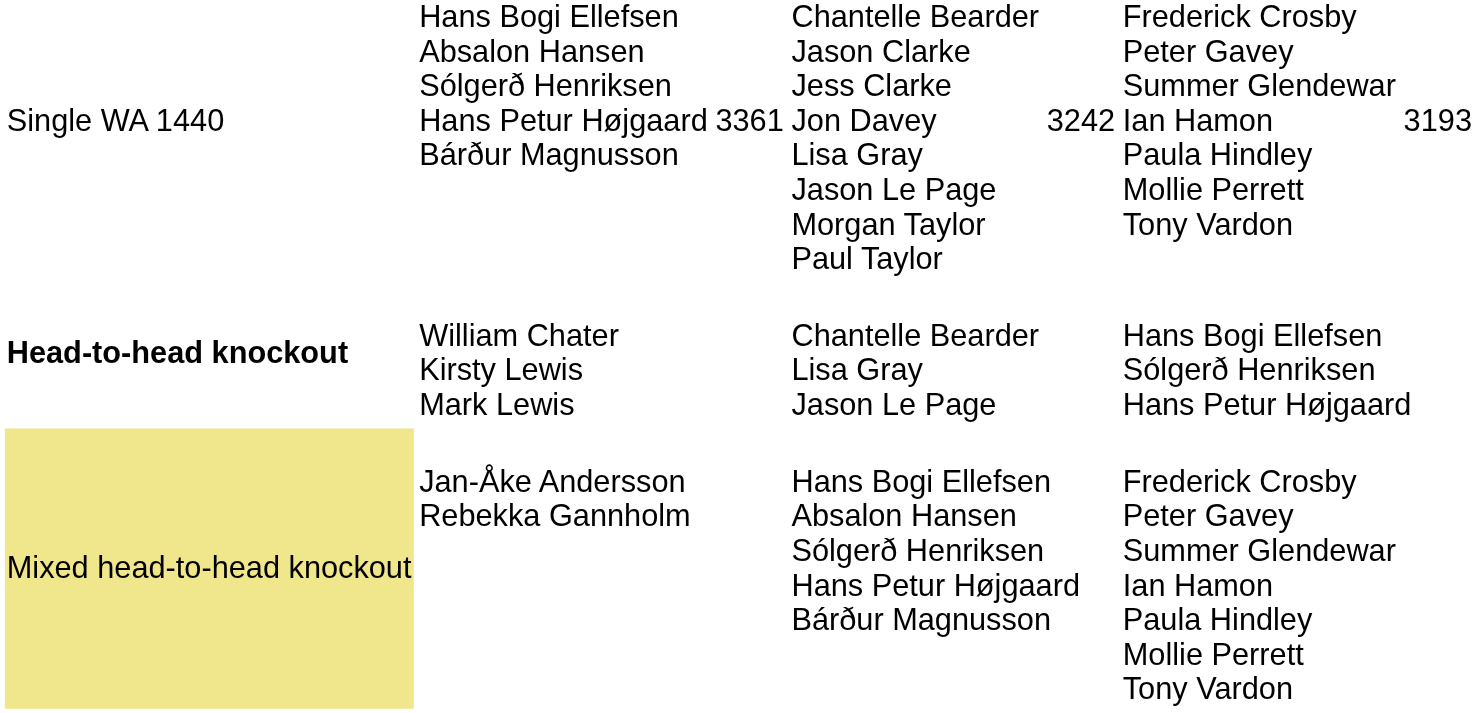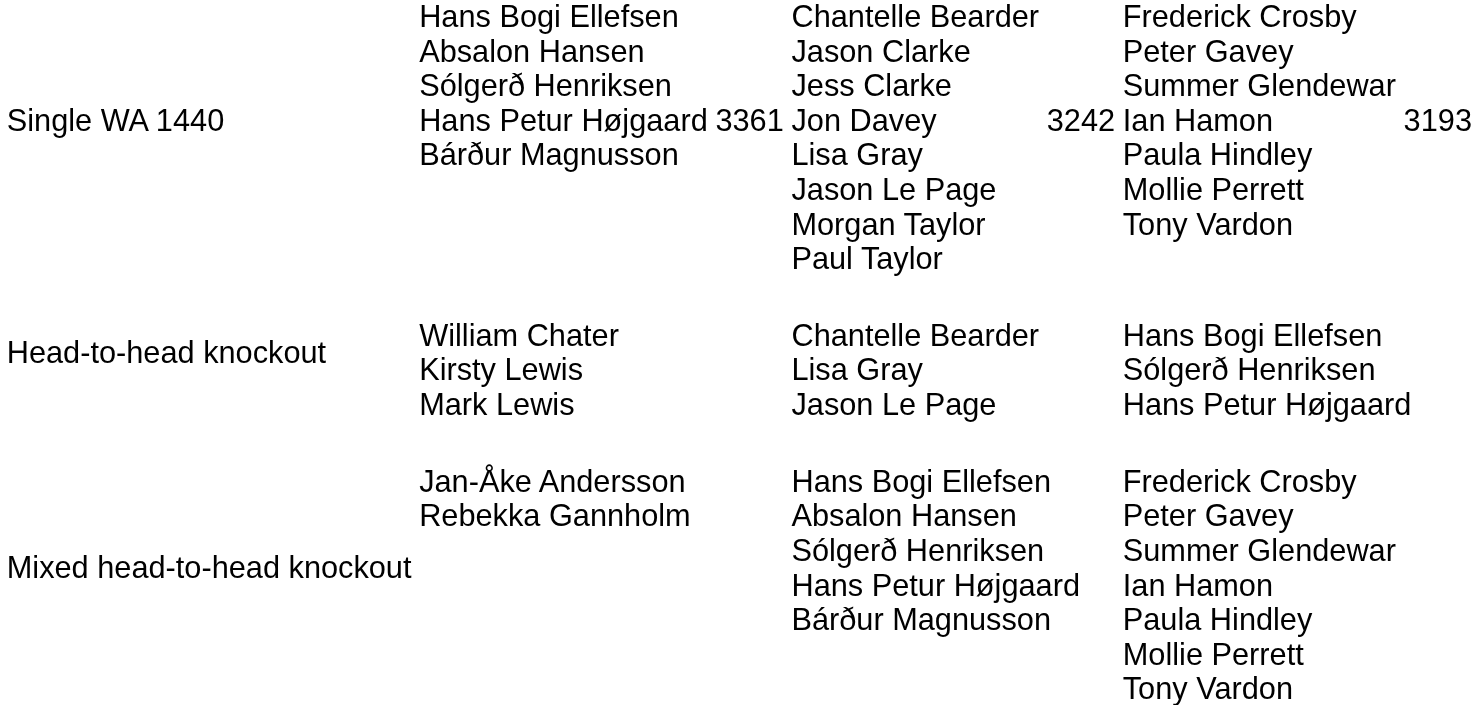 <table>
 <tr>
 <td>Single WA 1440</td>
 <td valign=top><br>Hans Bogi Ellefsen<br>Absalon Hansen<br>Sólgerð Henriksen<br>Hans Petur Højgaard<br>Bárður Magnusson</td>
 <td>3361</td>
 <td valign=top><br>Chantelle Bearder<br>Jason Clarke<br>Jess Clarke<br>Jon Davey<br>Lisa Gray<br>Jason Le Page<br>Morgan Taylor<br>Paul Taylor</td>
 <td>3242</td>
 <td valign=top><br>Frederick Crosby<br>Peter Gavey<br>Summer Glendewar<br>Ian Hamon<br>Paula Hindley<br>Mollie Perrett<br>Tony Vardon</td>
 <td>3193</td>
 </tr>
 <tr>
-<td><strong>Head-to-head knockout</strong></td>
+<td>Head-to-head knockout</td>
 <td colspan=2>  <br> William Chater <br> Kirsty Lewis <br> Mark Lewis</td>
 <td colspan=2> <br> Chantelle Bearder <br> Lisa Gray <br> Jason Le Page</td>
 <td colspan=2> <br> Hans Bogi Ellefsen <br> Sólgerð Henriksen <br> Hans Petur Højgaard</td>
 </tr>
 <tr>
-<td style="background: khaki;">Mixed head-to-head knockout</td>
+<td>Mixed head-to-head knockout</td>
 <td colspan=2 valign=top> <br>Jan-Åke Andersson <br> Rebekka Gannholm</td>
 <td colspan=2 valign=top> <br> Hans Bogi Ellefsen <br>Absalon Hansen <br> Sólgerð Henriksen <br>Hans Petur Højgaard <br> Bárður Magnusson</td>
 <td colspan=2> <br>Frederick Crosby<br>Peter Gavey<br>Summer Glendewar<br>Ian Hamon<br>Paula Hindley<br>Mollie Perrett<br>Tony Vardon</td>
 </tr>
 </table>
